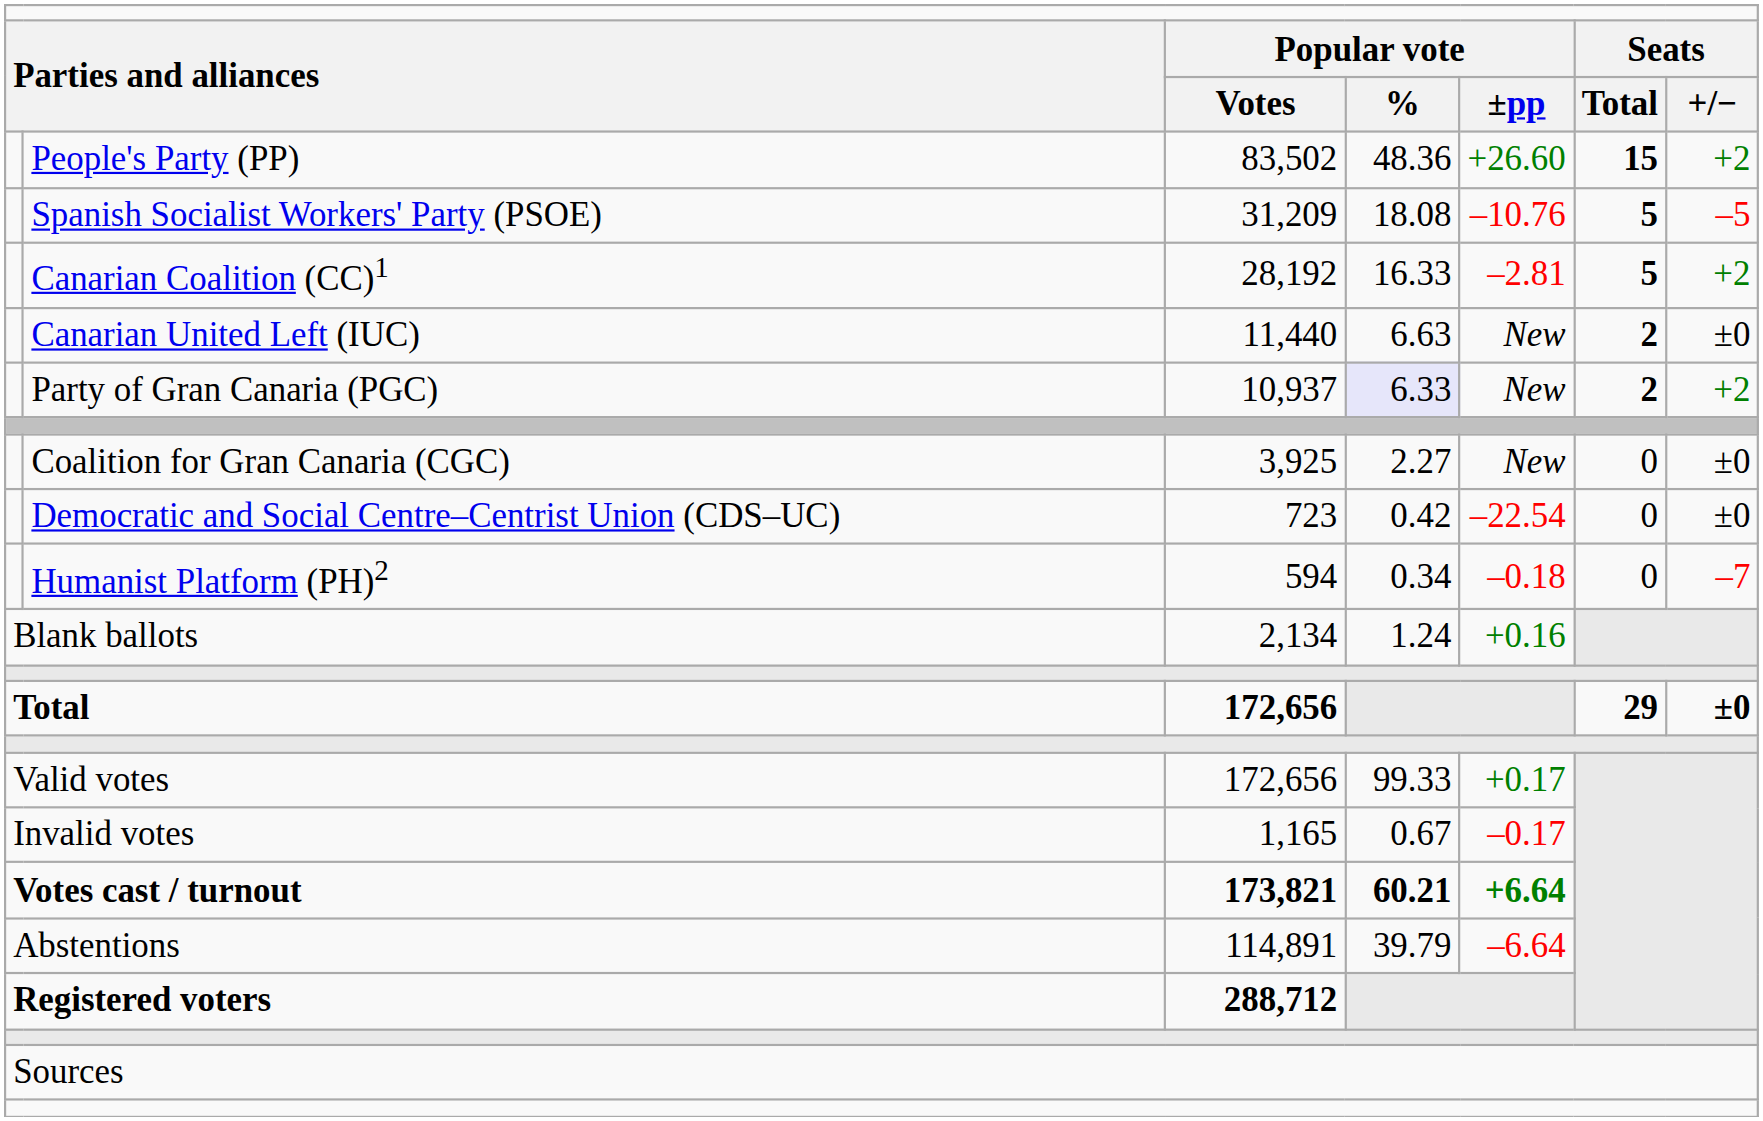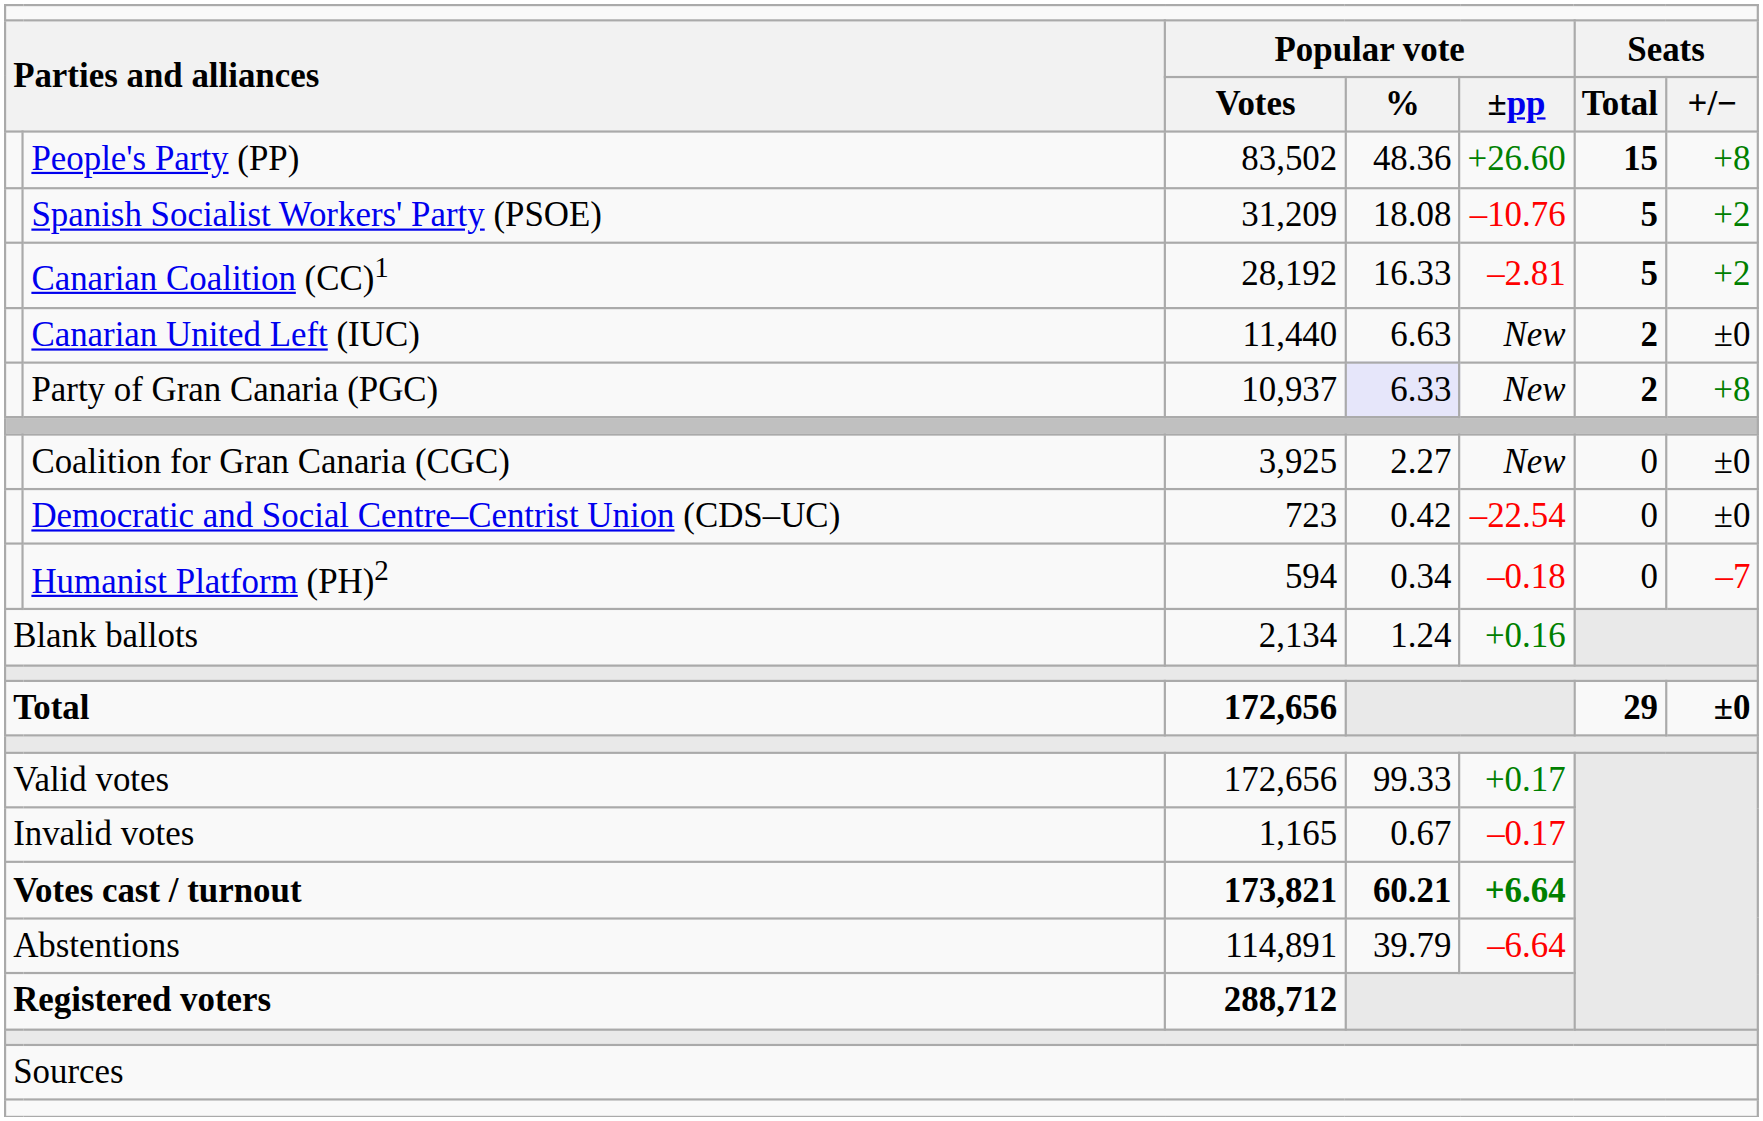 <table class="wikitable" style="text-align:right;">
 <tr>
 <td colspan="7"></td>
 </tr>
 <tr>
 <th style="text-align:left;" rowspan="2" colspan="2" width="525">Parties and alliances</th>
 <th colspan="3">Popular vote</th>
 <th colspan="2">Seats</th>
 </tr>
 <tr>
 <th width="75">Votes</th>
 <th width="45">%</th>
 <th width="45">±<a href='#'>pp</a></th>
 <th width="35">Total</th>
 <th width="35">+/−</th>
 </tr>
 <tr>
 <td width="1" style="color:inherit;background:"></td>
 <td align="left"><a href='#'>People's Party</a> (PP)</td>
 <td>83,502</td>
 <td>48.36</td>
 <td style="color:green;">+26.60</td>
 <td><strong>15</strong></td>
-<td style="color:green;">+2</td>
+<td style="color:green;">+8</td>
 </tr>
 <tr>
 <td style="color:inherit;background:"></td>
 <td align="left"><a href='#'>Spanish Socialist Workers' Party</a> (PSOE)</td>
 <td>31,209</td>
 <td>18.08</td>
 <td style="color:red;">–10.76</td>
 <td><strong>5</strong></td>
-<td style="color:red;">–5</td>
+<td style="color:green;">+2</td>
 </tr>
 <tr>
 <td style="color:inherit;background:"></td>
 <td align="left"><a href='#'>Canarian Coalition</a> (CC)<sup>1</sup></td>
 <td>28,192</td>
 <td>16.33</td>
 <td style="color:red;">–2.81</td>
 <td><strong>5</strong></td>
 <td style="color:green;">+2</td>
 </tr>
 <tr>
 <td style="color:inherit;background:"></td>
 <td align="left"><a href='#'>Canarian United Left</a> (IUC)</td>
 <td>11,440</td>
 <td>6.63</td>
 <td><em>New</em></td>
 <td><strong>2</strong></td>
 <td>±0</td>
 </tr>
 <tr>
 <td style="color:inherit;background:"></td>
 <td align="left">Party of Gran Canaria (PGC)</td>
 <td>10,937</td>
 <td style="background: lavender;">6.33</td>
 <td><em>New</em></td>
 <td><strong>2</strong></td>
-<td style="color:green;">+2</td>
+<td style="color:green;">+8</td>
 </tr>
 <tr>
 <td colspan="7" style="color:inherit;background:#C0C0C0"></td>
 </tr>
 <tr>
 <td style="color:inherit;background:"></td>
 <td align="left">Coalition for Gran Canaria (CGC)</td>
 <td>3,925</td>
 <td>2.27</td>
 <td><em>New</em></td>
 <td>0</td>
 <td>±0</td>
 </tr>
 <tr>
 <td style="color:inherit;background:"></td>
 <td align="left"><a href='#'>Democratic and Social Centre–Centrist Union</a> (CDS–UC)</td>
 <td>723</td>
 <td>0.42</td>
 <td style="color:red;">–22.54</td>
 <td>0</td>
 <td>±0</td>
 </tr>
 <tr>
 <td style="color:inherit;background:"></td>
 <td align="left"><a href='#'>Humanist Platform</a> (PH)<sup>2</sup></td>
 <td>594</td>
 <td>0.34</td>
 <td style="color:red;">–0.18</td>
 <td>0</td>
 <td style="color:red;">–7</td>
 </tr>
 <tr>
 <td align="left" colspan="2">Blank ballots</td>
 <td>2,134</td>
 <td>1.24</td>
 <td style="color:green;">+0.16</td>
 <td style="color:inherit;background:#E9E9E9" colspan="2"></td>
 </tr>
 <tr>
 <td colspan="7" style="color:inherit;background:#E9E9E9"></td>
 </tr>
 <tr style="font-weight:bold;">
 <td align="left" colspan="2">Total</td>
 <td>172,656</td>
 <td bgcolor="#E9E9E9" colspan="2"></td>
 <td>29</td>
 <td>±0</td>
 </tr>
 <tr>
 <td colspan="7" style="color:inherit;background:#E9E9E9"></td>
 </tr>
 <tr>
 <td align="left" colspan="2">Valid votes</td>
 <td>172,656</td>
 <td>99.33</td>
 <td style="color:green;">+0.17</td>
 <td bgcolor="#E9E9E9" colspan="2" rowspan="5"></td>
 </tr>
 <tr>
 <td align="left" colspan="2">Invalid votes</td>
 <td>1,165</td>
 <td>0.67</td>
 <td style="color:red;">–0.17</td>
 </tr>
 <tr style="font-weight:bold;">
 <td align="left" colspan="2">Votes cast / turnout</td>
 <td>173,821</td>
 <td>60.21</td>
 <td style="color:green;">+6.64</td>
 </tr>
 <tr>
 <td align="left" colspan="2">Abstentions</td>
 <td>114,891</td>
 <td>39.79</td>
 <td style="color:red;">–6.64</td>
 </tr>
 <tr style="font-weight:bold;">
 <td align="left" colspan="2">Registered voters</td>
 <td>288,712</td>
 <td bgcolor="#E9E9E9" colspan="2"></td>
 </tr>
 <tr>
 <td colspan="7" style="color:inherit;background:#E9E9E9"></td>
 </tr>
 <tr>
 <td align="left" colspan="7">Sources</td>
 </tr>
 <tr>
 <td colspan="7" style="text-align:left; max-width:790px;"></td>
 </tr>
 </table>
